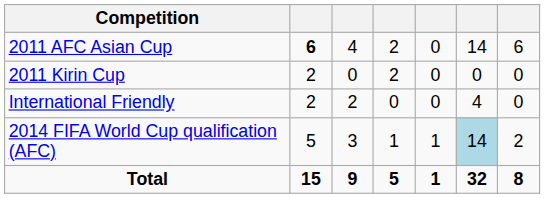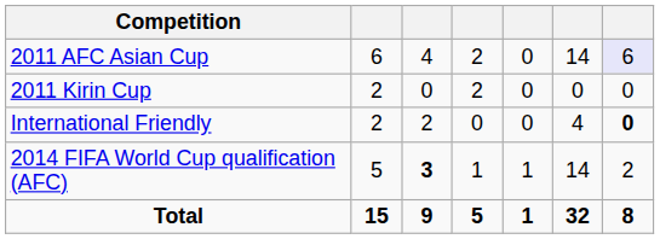 <table class="wikitable" style="text-align: center;">
 <tr>
 <th width=250>Competition</th>
 <th width=30></th>
 <th width=30></th>
 <th width=30></th>
 <th width=30></th>
 <th width=30></th>
 <th width=30></th>
 </tr>
 <tr>
 <td align="left"><a href='#'>2011 AFC Asian Cup</a></td>
-<td><strong>6</strong></td>
+<td>6</td>
 <td>4</td>
 <td>2</td>
 <td>0</td>
 <td>14</td>
-<td>6</td>
+<td style="background: lavender;">6</td>
 </tr>
 <tr>
 <td align="left"><a href='#'>2011 Kirin Cup</a></td>
 <td>2</td>
 <td>0</td>
 <td>2</td>
 <td>0</td>
 <td>0</td>
 <td>0</td>
 </tr>
 <tr>
 <td align="left"><a href='#'>International Friendly</a></td>
 <td>2</td>
 <td>2</td>
 <td>0</td>
 <td>0</td>
 <td>4</td>
-<td>0</td>
+<td><strong>0</strong></td>
 </tr>
 <tr>
 <td align="left"><a href='#'>2014 FIFA World Cup qualification (AFC)</a></td>
 <td>5</td>
-<td>3</td>
+<td><strong>3</strong></td>
 <td>1</td>
 <td>1</td>
-<td style="background: lightblue;">14</td>
+<td>14</td>
 <td>2</td>
 </tr>
 <tr>
 <td><strong>Total</strong></td>
 <td><strong>15</strong></td>
 <td><strong>9</strong></td>
 <td><strong>5</strong></td>
 <td><strong>1</strong></td>
 <td><strong>32</strong></td>
 <td><strong>8</strong></td>
 </tr>
 </table>
